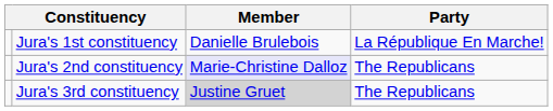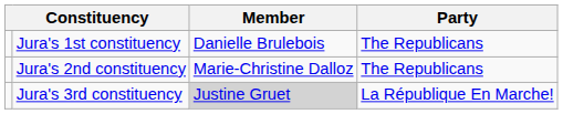 <table class="wikitable">
 <tr>
 <th colspan="2">Constituency</th>
 <th>Member</th>
 <th>Party</th>
 </tr>
 <tr>
 <td style="background-color: "></td>
 <td><a href='#'>Jura's 1st constituency</a></td>
 <td><a href='#'>Danielle Brulebois</a></td>
-<td><a href='#'>La République En Marche!</a></td>
+<td><a href='#'>The Republicans</a></td>
 </tr>
 <tr>
 <td style="background-color: "></td>
 <td><a href='#'>Jura's 2nd constituency</a></td>
-<td style="background: lavender;"><a href='#'>Marie-Christine Dalloz</a></td>
+<td><a href='#'>Marie-Christine Dalloz</a></td>
 <td><a href='#'>The Republicans</a></td>
 </tr>
 <tr>
 <td style="background-color: "></td>
 <td><a href='#'>Jura's 3rd constituency</a></td>
 <td style="background: lightgrey;"><a href='#'>Justine Gruet</a></td>
-<td><a href='#'>The Republicans</a></td>
+<td><a href='#'>La République En Marche!</a></td>
 </tr>
 </table>
